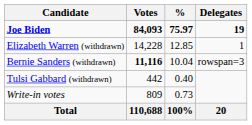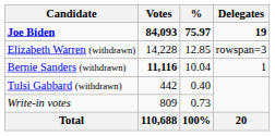 <table class="wikitable sortable" style="text-align:right;">
 <tr>
 <th>Candidate</th>
 <th>Votes</th>
 <th>%</th>
 <th>Delegates</th>
 </tr>
 <tr>
 <td style="text-align:left;" data-sort-value="Biden, Joe"><strong><a href='#'>Joe Biden</a></strong></td>
 <td><strong>84,093</strong></td>
 <td><strong>75.97</strong></td>
 <td><strong>19</strong></td>
 </tr>
 <tr>
 <td style="text-align:left;" data-sort-value="Warren, Elizabeth"><a href='#'>Elizabeth Warren</a> <small>(withdrawn)</small></td>
 <td>14,228</td>
 <td>12.85</td>
-<td>1</td>
+<td>rowspan=3 </td>
 </tr>
 <tr>
 <td style="text-align:left;" data-sort-value="Sanders, Bernie"><a href='#'>Bernie Sanders</a> <small>(withdrawn)</small></td>
 <td><strong>11,116</strong></td>
 <td>10.04</td>
-<td>rowspan=3 </td>
+<td>1</td>
 </tr>
 <tr>
 <td style="text-align:left;" data-sort-value="Gabbard, Tulsi"><a href='#'>Tulsi Gabbard</a> <small>(withdrawn)</small></td>
 <td>442</td>
 <td>0.40</td>
 </tr>
 <tr>
 <td style="text-align:left;" data-sort-value="ZZ"><em>Write-in votes</em></td>
 <td>809</td>
 <td>0.73</td>
 </tr>
 <tr>
 <th>Total</th>
 <th>110,688</th>
 <th>100%</th>
 <th>20</th>
 </tr>
 </table>
